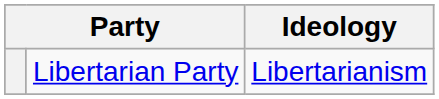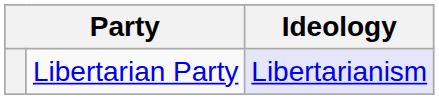 <table class="wikitable sortable">
 <tr>
 <th colspan=2>Party</th>
 <th class=unsortable>Ideology</th>
 </tr>
 <tr>
 <th width=5px style="background-color: "></th>
 <td><a href='#'>Libertarian Party</a></td>
-<td><a href='#'>Libertarianism</a></td>
+<td style="background: lavender;"><a href='#'>Libertarianism</a></td>
 </tr>
 </table>
